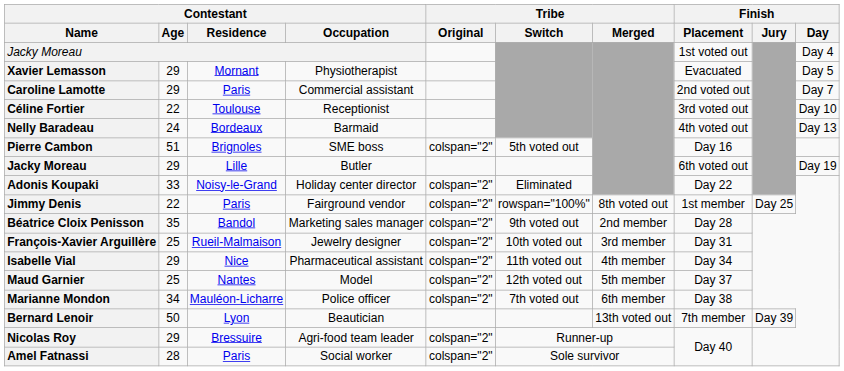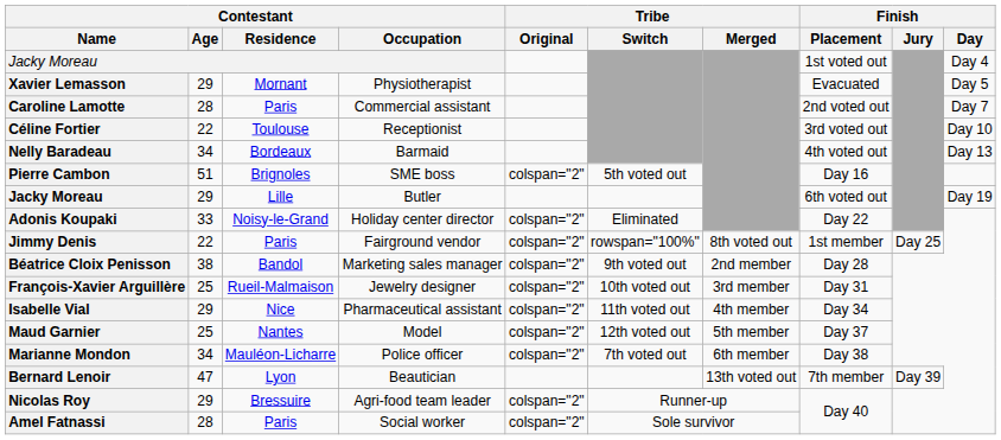 <table class="wikitable sortable" style="text-align:center;">
 <tr>
 <th colspan="4" scope="colgroup" class="unsortable">Contestant</th>
 <th colspan="3" scope="colgroup" class="unsortable">Tribe</th>
 <th colspan="3" scope="colgroup" class="unsortable">Finish</th>
 </tr>
 <tr>
 <th scope="col">Name</th>
 <th scope="col">Age</th>
 <th scope="col" class="unsortable">Residence</th>
 <th scope="col" class="unsortable">Occupation</th>
 <th scope="col">Original</th>
 <th scope="col">Switch</th>
 <th class="unsortable">Merged</th>
 <th scope="col" class=unsortable>Placement</th>
 <th scope="col" class=unsortable>Jury</th>
 <th scope="col" class=unsortable>Day</th>
 </tr>
 <tr>
 <th scope="row" colspan="4" style="text-align:left; font-weight:normal;"><em>Jacky Moreau</em></th>
 <td></td>
 <td rowspan="5" style="background:darkgray; border:none;"></td>
 <td rowspan="8" style="background:darkgray; border:none;"></td>
 <td>1st voted out</td>
 <td rowspan="8" style="background:darkgray; border:none;"></td>
 <td>Day 4</td>
 </tr>
 <tr>
 <th scope="row" style="text-align:left;">Xavier Lemasson</th>
 <td>29</td>
 <td><a href='#'>Mornant</a></td>
 <td>Physiotherapist</td>
 <td></td>
 <td>Evacuated</td>
 <td>Day 5</td>
 </tr>
 <tr>
 <th scope="row" style="text-align:left;">Caroline Lamotte</th>
-<td>29</td>
+<td>28</td>
 <td><a href='#'>Paris</a></td>
 <td>Commercial assistant</td>
 <td></td>
 <td>2nd voted out</td>
 <td>Day 7</td>
 </tr>
 <tr>
 <th scope="row" style="text-align:left;">Céline Fortier</th>
 <td>22</td>
 <td><a href='#'>Toulouse</a></td>
 <td>Receptionist</td>
 <td></td>
 <td>3rd voted out</td>
 <td>Day 10</td>
 </tr>
 <tr>
 <th scope="row" style="text-align:left;">Nelly Baradeau</th>
-<td>24</td>
+<td>34</td>
 <td><a href='#'>Bordeaux</a></td>
 <td>Barmaid</td>
 <td></td>
 <td>4th voted out</td>
 <td>Day 13</td>
 </tr>
 <tr>
 <th scope="row" style="text-align:left;">Pierre Cambon</th>
 <td>51</td>
 <td><a href='#'>Brignoles</a></td>
 <td>SME boss</td>
 <td>colspan="2" </td>
 <td>5th voted out</td>
 <td>Day 16</td>
 </tr>
 <tr>
 <th scope="row" style="text-align:left;">Jacky Moreau</th>
 <td>29</td>
 <td><a href='#'>Lille</a></td>
 <td>Butler</td>
 <td></td>
 <td></td>
 <td>6th voted out</td>
 <td>Day 19</td>
 </tr>
 <tr>
 <th scope="row" style="text-align:left;">Adonis Koupaki</th>
 <td>33</td>
 <td><a href='#'>Noisy-le-Grand</a></td>
 <td>Holiday center director</td>
 <td>colspan="2" </td>
 <td>Eliminated</td>
 <td>Day 22</td>
 </tr>
 <tr>
 <th scope="row" style="text-align:left;">Jimmy Denis</th>
 <td>22</td>
 <td><a href='#'>Paris</a></td>
 <td>Fairground vendor</td>
 <td>colspan="2" </td>
 <td>rowspan="100%" </td>
 <td>8th voted out</td>
 <td>1st member</td>
 <td>Day 25</td>
 </tr>
 <tr>
 <th scope="row" style="text-align:left;">Béatrice Cloix Penisson</th>
-<td>35</td>
+<td>38</td>
 <td><a href='#'>Bandol</a></td>
 <td>Marketing sales manager</td>
 <td>colspan="2" </td>
 <td>9th voted out</td>
 <td>2nd member</td>
 <td>Day 28</td>
 </tr>
 <tr>
 <th scope="row" style="text-align:left;">François-Xavier Arguillère</th>
 <td>25</td>
 <td><a href='#'>Rueil-Malmaison</a></td>
 <td>Jewelry designer</td>
 <td>colspan="2" </td>
 <td>10th voted out</td>
 <td>3rd member</td>
 <td>Day 31</td>
 </tr>
 <tr>
 <th scope="row" style="text-align:left;">Isabelle Vial</th>
 <td>29</td>
 <td><a href='#'>Nice</a></td>
 <td>Pharmaceutical assistant</td>
 <td>colspan="2" </td>
 <td>11th voted out</td>
 <td>4th member</td>
 <td>Day 34</td>
 </tr>
 <tr>
 <th scope="row" style="text-align:left;">Maud Garnier</th>
 <td>25</td>
 <td><a href='#'>Nantes</a></td>
 <td>Model</td>
 <td>colspan="2" </td>
 <td>12th voted out</td>
 <td>5th member</td>
 <td>Day 37</td>
 </tr>
 <tr>
 <th scope="row" style="text-align:left;">Marianne Mondon</th>
 <td>34</td>
 <td><a href='#'>Mauléon-Licharre</a></td>
 <td>Police officer</td>
 <td>colspan="2" </td>
 <td>7th voted out</td>
 <td>6th member</td>
 <td>Day 38</td>
 </tr>
 <tr>
 <th scope="row" style="text-align:left;">Bernard Lenoir</th>
-<td>50</td>
+<td>47</td>
 <td><a href='#'>Lyon</a></td>
 <td>Beautician</td>
 <td></td>
 <td></td>
 <td>13th voted out</td>
 <td>7th member</td>
 <td>Day 39</td>
 </tr>
 <tr>
 <th scope="row" style="text-align:left;">Nicolas Roy</th>
 <td>29</td>
 <td><a href='#'>Bressuire</a></td>
 <td>Agri-food team leader</td>
 <td>colspan="2" </td>
 <td colspan="2">Runner-up</td>
 <td rowspan="2">Day 40</td>
 </tr>
 <tr>
 <th scope="row" style="text-align:left;">Amel Fatnassi</th>
 <td>28</td>
 <td><a href='#'>Paris</a></td>
 <td>Social worker</td>
 <td>colspan="2" </td>
 <td colspan="2">Sole survivor</td>
 </tr>
 </table>
